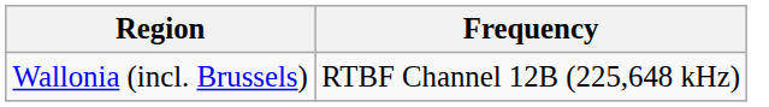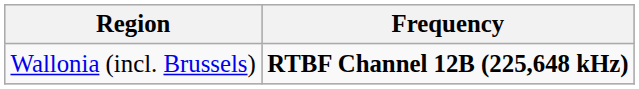 <table class="wikitable">
 <tr>
 <th>Region</th>
 <th>Frequency</th>
 </tr>
 <tr>
 <td> <a href='#'>Wallonia</a> (incl. <a href='#'>Brussels</a>)</td>
-<td>RTBF Channel 12B (225,648 kHz)</td>
+<td><strong>RTBF Channel 12B (225,648 kHz)</strong></td>
 </tr>
 </table>
